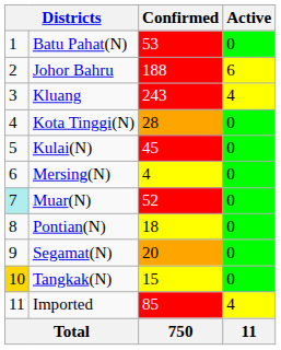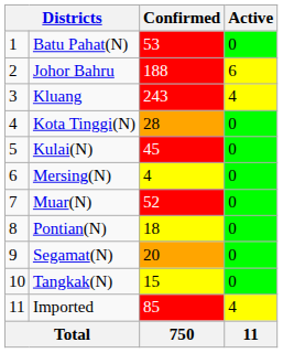 <table class="wikitable sortable mw-collapsible mw-collapsed">
 <tr>
 <th colspan="2"><a href='#'>Districts</a></th>
 <th>Confirmed</th>
 <th>Active</th>
 </tr>
 <tr>
 <td>1</td>
 <td><a href='#'>Batu Pahat</a>(N)</td>
 <td style="background: red; color: white;">53</td>
 <td style="background: lime;">0</td>
 </tr>
 <tr>
 <td>2</td>
 <td><a href='#'>Johor Bahru</a></td>
 <td style="background: red; color: white;">188</td>
 <td style="background: yellow;">6</td>
 </tr>
 <tr>
 <td>3</td>
 <td><a href='#'>Kluang</a></td>
 <td style="background: red; color: white;">243</td>
 <td style="background: yellow;">4</td>
 </tr>
 <tr>
 <td>4</td>
 <td><a href='#'>Kota Tinggi</a>(N)</td>
 <td style="background: orange;">28</td>
 <td style="background: lime;">0</td>
 </tr>
 <tr>
 <td>5</td>
 <td><a href='#'>Kulai</a>(N)</td>
 <td style="background: red; color: white">45</td>
 <td style="background: lime;">0</td>
 </tr>
 <tr>
 <td>6</td>
 <td><a href='#'>Mersing</a>(N)</td>
 <td style="background: yellow;">4</td>
 <td style="background: lime;">0</td>
 </tr>
 <tr>
-<td style="background: paleturquoise;">7</td>
+<td>7</td>
 <td><a href='#'>Muar</a>(N)</td>
 <td style="background: red; color: white;">52</td>
 <td style="background: lime;">0</td>
 </tr>
 <tr>
 <td>8</td>
 <td><a href='#'>Pontian</a>(N)</td>
 <td style="background: yellow;">18</td>
 <td style="background: lime;">0</td>
 </tr>
 <tr>
 <td>9</td>
 <td><a href='#'>Segamat</a>(N)</td>
 <td style="background: orange;">20</td>
 <td style="background: lime;">0</td>
 </tr>
 <tr>
-<td style="background: gold;">10</td>
+<td>10</td>
 <td><a href='#'>Tangkak</a>(N)</td>
 <td style="background: yellow;">15</td>
 <td style="background: lime;">0</td>
 </tr>
 <tr>
 <td>11</td>
 <td>Imported</td>
 <td style="background: red; color: white;">85</td>
 <td style="background: yellow;">4</td>
 </tr>
 <tr>
 <th colspan="2"><strong>Total</strong></th>
 <th><strong>750</strong></th>
 <th><strong>11</strong></th>
 </tr>
 </table>
